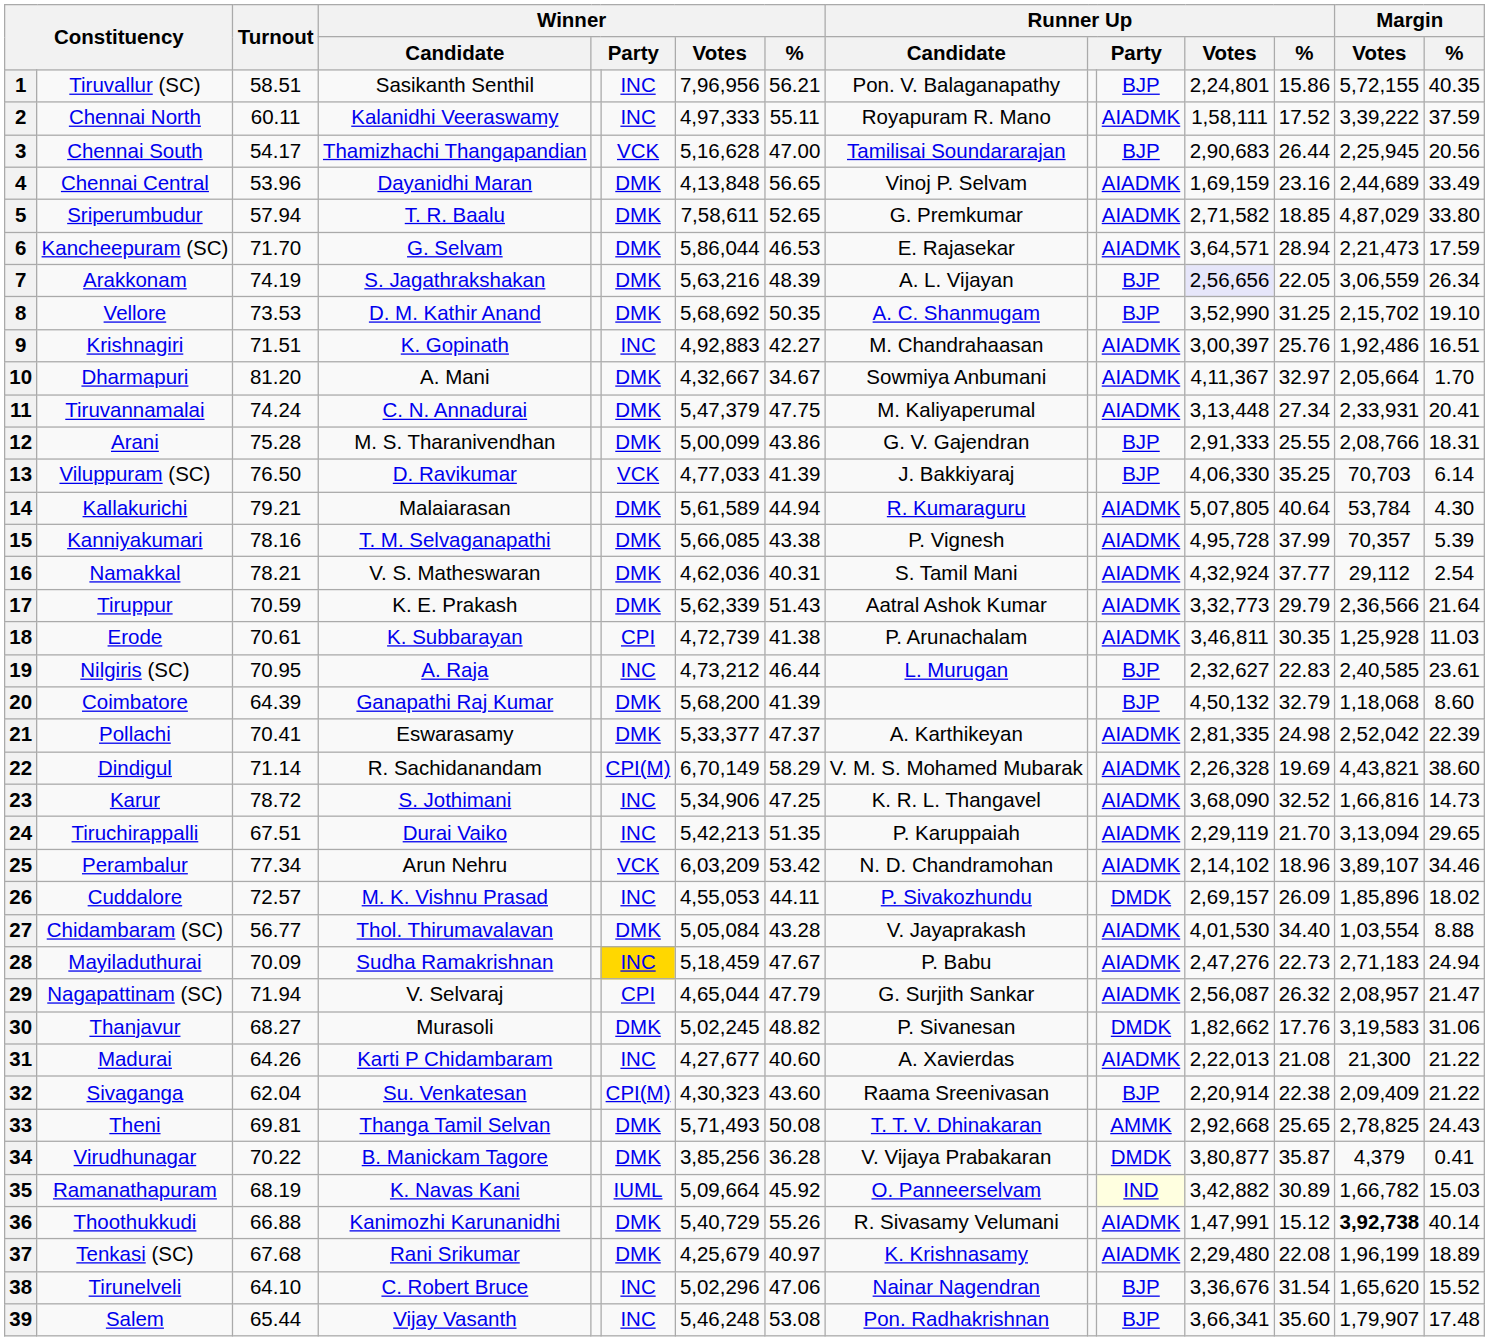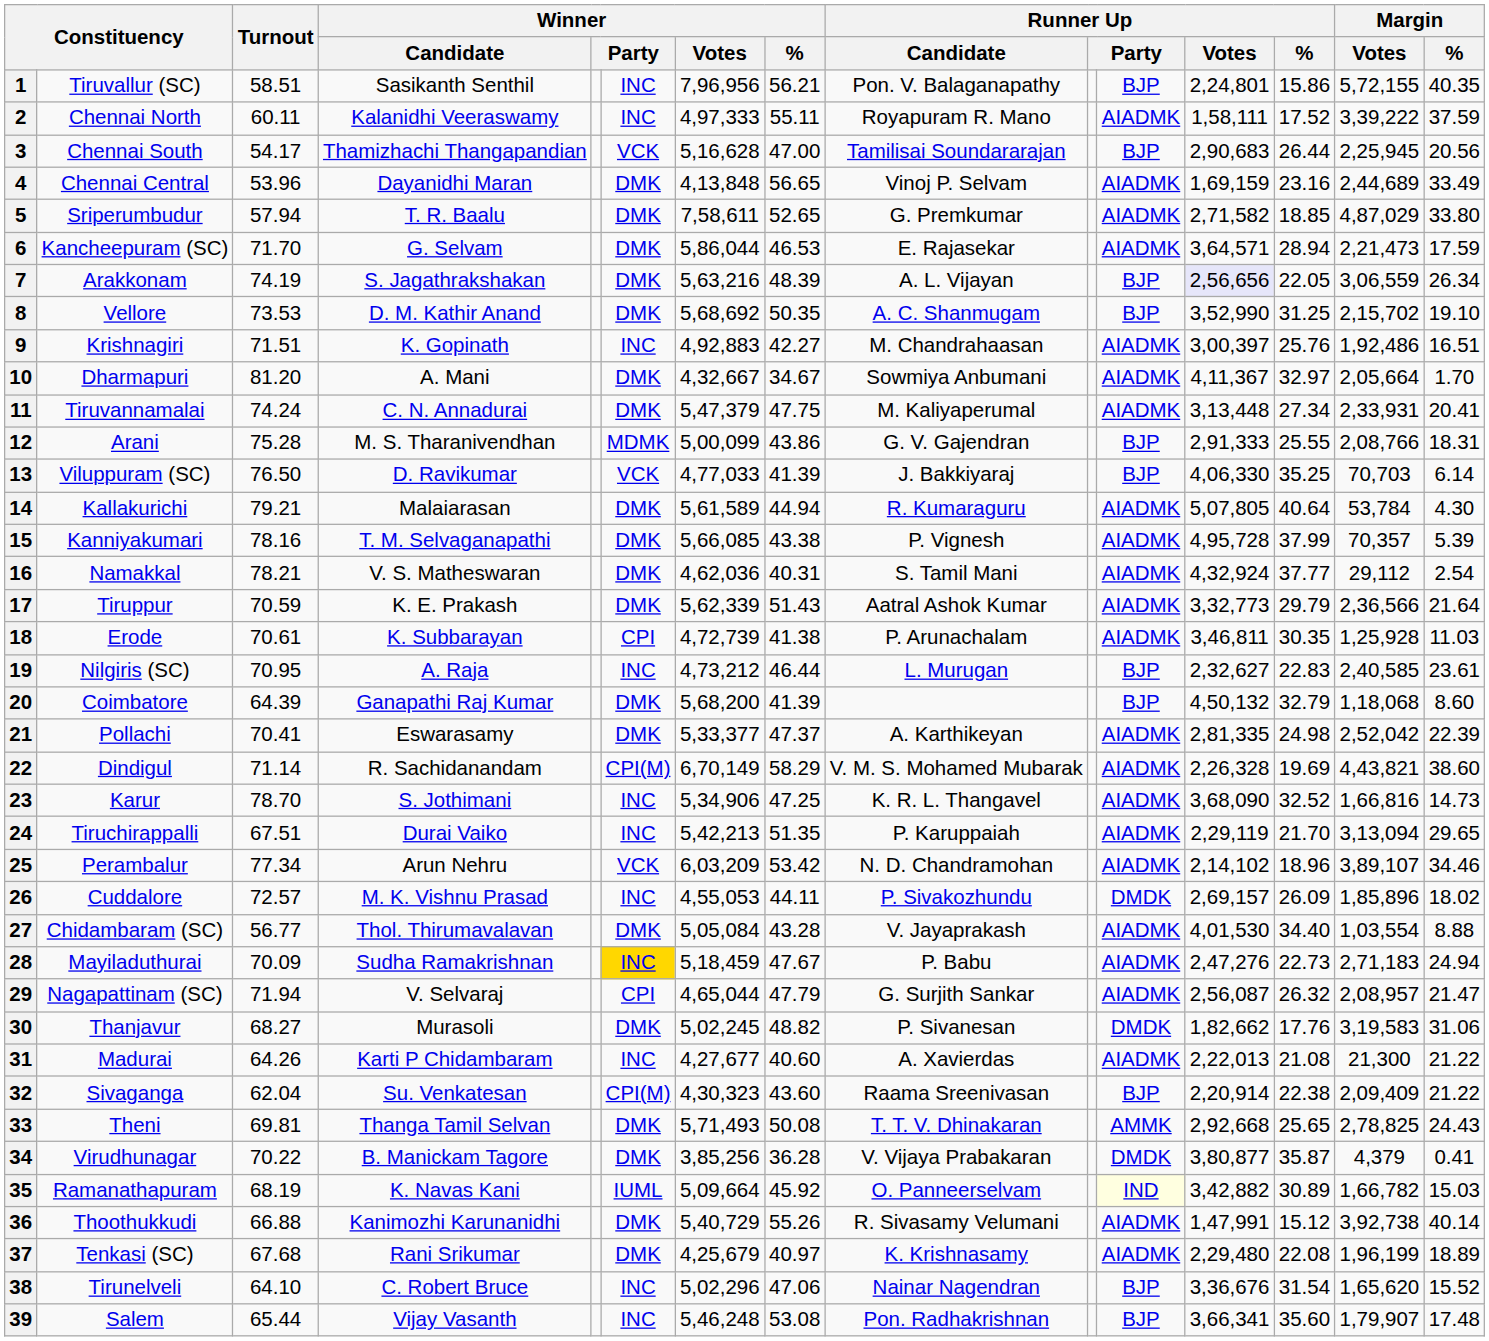 <table class="wikitable sortable" style="text-align:center;">
 <tr>
 <th colspan="2" rowspan="2">Constituency</th>
 <th rowspan="2">Turnout</th>
 <th colspan="5">Winner</th>
 <th colspan="5">Runner Up</th>
 <th colspan="2">Margin</th>
 </tr>
 <tr>
 <th>Candidate</th>
 <th colspan="2">Party</th>
 <th data-sort-type=number>Votes</th>
 <th data-sort-type=number>%</th>
 <th>Candidate</th>
 <th colspan="2">Party</th>
 <th data-sort-type=number>Votes</th>
 <th data-sort-type=number>%</th>
 <th data-sort-type=number>Votes</th>
 <th data-sort-type=number>%</th>
 </tr>
 <tr>
 <th>1</th>
 <td><a href='#'>Tiruvallur</a> (SC)</td>
 <td>58.51</td>
 <td>Sasikanth Senthil</td>
 <td></td>
 <td scope="row" style="text-align: centre;"><a href='#'>INC</a></td>
 <td>7,96,956</td>
 <td>56.21</td>
 <td>Pon. V. Balaganapathy</td>
 <td></td>
 <td><a href='#'>BJP</a></td>
 <td>2,24,801</td>
 <td>15.86</td>
 <td style="background:">5,72,155</td>
 <td style="background:">40.35</td>
 </tr>
 <tr>
 <th>2</th>
 <td><a href='#'>Chennai North</a></td>
 <td>60.11</td>
 <td><a href='#'>Kalanidhi Veeraswamy</a></td>
 <td></td>
 <td><a href='#'>INC</a></td>
 <td>4,97,333</td>
 <td>55.11</td>
 <td>Royapuram R. Mano</td>
 <td></td>
 <td><a href='#'>AIADMK</a></td>
 <td>1,58,111</td>
 <td>17.52</td>
 <td style="background:">3,39,222</td>
 <td style="background:">37.59</td>
 </tr>
 <tr>
 <th>3</th>
 <td><a href='#'>Chennai South</a></td>
 <td>54.17</td>
 <td><a href='#'>Thamizhachi Thangapandian</a></td>
 <td></td>
 <td><a href='#'>VCK</a></td>
 <td>5,16,628</td>
 <td>47.00</td>
 <td><a href='#'>Tamilisai Soundararajan</a></td>
 <td></td>
 <td><a href='#'>BJP</a></td>
 <td>2,90,683</td>
 <td>26.44</td>
 <td style="background:">2,25,945</td>
 <td style="background:">20.56</td>
 </tr>
 <tr>
 <th>4</th>
 <td><a href='#'>Chennai Central</a></td>
 <td>53.96</td>
 <td><a href='#'>Dayanidhi Maran</a></td>
 <td></td>
 <td scope="row" style="text-align: centre;"><a href='#'>DMK</a></td>
 <td>4,13,848</td>
 <td>56.65</td>
 <td>Vinoj P. Selvam</td>
 <td></td>
 <td><a href='#'>AIADMK</a></td>
 <td>1,69,159</td>
 <td>23.16</td>
 <td style="background:">2,44,689</td>
 <td style="background:">33.49</td>
 </tr>
 <tr>
 <th>5</th>
 <td><a href='#'>Sriperumbudur</a></td>
 <td>57.94</td>
 <td><a href='#'>T. R. Baalu</a></td>
 <td></td>
 <td scope="row" style="text-align: centre;"><a href='#'>DMK</a></td>
 <td>7,58,611</td>
 <td>52.65</td>
 <td>G. Premkumar</td>
 <td></td>
 <td><a href='#'>AIADMK</a></td>
 <td>2,71,582</td>
 <td>18.85</td>
 <td style="background:">4,87,029</td>
 <td style="background:">33.80</td>
 </tr>
 <tr>
 <th>6</th>
 <td><a href='#'>Kancheepuram</a> (SC)</td>
 <td>71.70</td>
 <td><a href='#'>G. Selvam</a></td>
 <td></td>
 <td scope="row" style="text-align: centre;"><a href='#'>DMK</a></td>
 <td>5,86,044</td>
 <td>46.53</td>
 <td>E. Rajasekar</td>
 <td></td>
 <td><a href='#'>AIADMK</a></td>
 <td>3,64,571</td>
 <td>28.94</td>
 <td style="background:">2,21,473</td>
 <td style="background:">17.59</td>
 </tr>
 <tr>
 <th>7</th>
 <td><a href='#'>Arakkonam</a></td>
 <td>74.19</td>
 <td><a href='#'>S. Jagathrakshakan</a></td>
 <td></td>
 <td scope="row" style="text-align: centre;"><a href='#'>DMK</a></td>
 <td>5,63,216</td>
 <td>48.39</td>
 <td>A. L. Vijayan</td>
 <td></td>
 <td><a href='#'>BJP</a></td>
 <td style="background: lavender;">2,56,656</td>
 <td>22.05</td>
 <td style="background:">3,06,559</td>
 <td style="background:">26.34</td>
 </tr>
 <tr>
 <th>8</th>
 <td><a href='#'>Vellore</a></td>
 <td>73.53</td>
 <td><a href='#'>D. M. Kathir Anand</a></td>
 <td></td>
 <td scope="row" style="text-align: centre;"><a href='#'>DMK</a></td>
 <td>5,68,692</td>
 <td>50.35</td>
 <td><a href='#'>A. C. Shanmugam</a></td>
 <td></td>
 <td><a href='#'>BJP</a></td>
 <td>3,52,990</td>
 <td>31.25</td>
 <td style="background:">2,15,702</td>
 <td style="background:">19.10</td>
 </tr>
 <tr>
 <th>9</th>
 <td><a href='#'>Krishnagiri</a></td>
 <td>71.51</td>
 <td><a href='#'>K. Gopinath</a></td>
 <td></td>
 <td scope="row" style="text-align: centre;"><a href='#'>INC</a></td>
 <td>4,92,883</td>
 <td>42.27</td>
 <td>M. Chandrahaasan</td>
 <td></td>
 <td><a href='#'>AIADMK</a></td>
 <td>3,00,397</td>
 <td>25.76</td>
 <td style="background:">1,92,486</td>
 <td style="background:">16.51</td>
 </tr>
 <tr>
 <th>10</th>
 <td><a href='#'>Dharmapuri</a></td>
 <td>81.20</td>
 <td>A. Mani</td>
 <td></td>
 <td scope="row" style="text-align: centre;"><a href='#'>DMK</a></td>
 <td>4,32,667</td>
 <td>34.67</td>
 <td>Sowmiya Anbumani</td>
 <td></td>
 <td><a href='#'>AIADMK</a></td>
 <td>4,11,367</td>
 <td>32.97</td>
 <td style="background:">2,05,664</td>
 <td style="background:">1.70</td>
 </tr>
 <tr>
 <th>11</th>
 <td><a href='#'>Tiruvannamalai</a></td>
 <td>74.24</td>
 <td><a href='#'>C. N. Annadurai</a></td>
 <td></td>
 <td scope="row" style="text-align: centre;"><a href='#'>DMK</a></td>
 <td>5,47,379</td>
 <td>47.75</td>
 <td>M. Kaliyaperumal</td>
 <td></td>
 <td><a href='#'>AIADMK</a></td>
 <td>3,13,448</td>
 <td>27.34</td>
 <td style="background:">2,33,931</td>
 <td style="background:">20.41</td>
 </tr>
 <tr>
 <th>12</th>
 <td><a href='#'>Arani</a></td>
 <td>75.28</td>
 <td>M. S. Tharanivendhan</td>
 <td></td>
-<td scope="row" style="text-align: centre;"><a href='#'>DMK</a></td>
+<td><a href='#'>MDMK</a></td>
 <td>5,00,099</td>
 <td>43.86</td>
 <td>G. V. Gajendran</td>
 <td></td>
 <td><a href='#'>BJP</a></td>
 <td>2,91,333</td>
 <td>25.55</td>
 <td style="background:">2,08,766</td>
 <td style="background:">18.31</td>
 </tr>
 <tr>
 <th>13</th>
 <td><a href='#'>Viluppuram</a> (SC)</td>
 <td>76.50</td>
 <td><a href='#'>D. Ravikumar</a></td>
 <td></td>
 <td><a href='#'>VCK</a></td>
 <td>4,77,033</td>
 <td>41.39</td>
 <td>J. Bakkiyaraj</td>
 <td></td>
 <td><a href='#'>BJP</a></td>
 <td>4,06,330</td>
 <td>35.25</td>
 <td style="background:">70,703</td>
 <td style="background:">6.14</td>
 </tr>
 <tr>
 <th>14</th>
 <td><a href='#'>Kallakurichi</a></td>
 <td>79.21</td>
 <td>Malaiarasan</td>
 <td></td>
 <td><a href='#'>DMK</a></td>
 <td>5,61,589</td>
 <td>44.94</td>
 <td><a href='#'>R. Kumaraguru</a></td>
 <td></td>
 <td><a href='#'>AIADMK</a></td>
 <td>5,07,805</td>
 <td>40.64</td>
 <td style="background:">53,784</td>
 <td style="background:">4.30</td>
 </tr>
 <tr>
 <th>15</th>
 <td><a href='#'>Kanniyakumari</a></td>
 <td>78.16</td>
 <td><a href='#'>T. M. Selvaganapathi</a></td>
 <td></td>
 <td><a href='#'>DMK</a></td>
 <td>5,66,085</td>
 <td>43.38</td>
 <td>P. Vignesh</td>
 <td></td>
 <td><a href='#'>AIADMK</a></td>
 <td>4,95,728</td>
 <td>37.99</td>
 <td style="background:">70,357</td>
 <td style="background:">5.39</td>
 </tr>
 <tr>
 <th>16</th>
 <td><a href='#'>Namakkal</a></td>
 <td>78.21</td>
 <td>V. S. Matheswaran</td>
 <td></td>
 <td><a href='#'>DMK</a></td>
 <td>4,62,036</td>
 <td>40.31</td>
 <td>S. Tamil Mani</td>
 <td></td>
 <td><a href='#'>AIADMK</a></td>
 <td>4,32,924</td>
 <td>37.77</td>
 <td style="background:">29,112</td>
 <td style="background:">2.54</td>
 </tr>
 <tr>
 <th>17</th>
 <td><a href='#'>Tiruppur</a></td>
 <td>70.59</td>
 <td>K. E. Prakash</td>
 <td></td>
 <td><a href='#'>DMK</a></td>
 <td>5,62,339</td>
 <td>51.43</td>
 <td>Aatral Ashok Kumar</td>
 <td></td>
 <td><a href='#'>AIADMK</a></td>
 <td>3,32,773</td>
 <td>29.79</td>
 <td style="background:">2,36,566</td>
 <td style="background:">21.64</td>
 </tr>
 <tr>
 <th>18</th>
 <td><a href='#'>Erode</a></td>
 <td>70.61</td>
 <td><a href='#'>K. Subbarayan</a></td>
 <td></td>
 <td><a href='#'>CPI</a></td>
 <td>4,72,739</td>
 <td>41.38</td>
 <td>P. Arunachalam</td>
 <td></td>
 <td><a href='#'>AIADMK</a></td>
 <td>3,46,811</td>
 <td>30.35</td>
 <td style="background:">1,25,928</td>
 <td style="background:">11.03</td>
 </tr>
 <tr>
 <th>19</th>
 <td><a href='#'>Nilgiris</a> (SC)</td>
 <td>70.95</td>
 <td><a href='#'>A. Raja</a></td>
 <td></td>
 <td><a href='#'>INC</a></td>
 <td>4,73,212</td>
 <td>46.44</td>
 <td><a href='#'>L. Murugan</a></td>
 <td></td>
 <td><a href='#'>BJP</a></td>
 <td>2,32,627</td>
 <td>22.83</td>
 <td style="background:">2,40,585</td>
 <td style="background:">23.61</td>
 </tr>
 <tr>
 <th>20</th>
 <td><a href='#'>Coimbatore</a></td>
 <td>64.39</td>
 <td><a href='#'>Ganapathi Raj Kumar</a></td>
 <td></td>
 <td><a href='#'>DMK</a></td>
 <td>5,68,200</td>
 <td>41.39</td>
 <td></td>
 <td></td>
 <td><a href='#'>BJP</a></td>
 <td>4,50,132</td>
 <td>32.79</td>
 <td style="background:">1,18,068</td>
 <td style="background:">8.60</td>
 </tr>
 <tr>
 <th>21</th>
 <td><a href='#'>Pollachi</a></td>
 <td>70.41</td>
 <td>Eswarasamy</td>
 <td></td>
 <td><a href='#'>DMK</a></td>
 <td>5,33,377</td>
 <td>47.37</td>
 <td>A. Karthikeyan</td>
 <td></td>
 <td><a href='#'>AIADMK</a></td>
 <td>2,81,335</td>
 <td>24.98</td>
 <td style="background:">2,52,042</td>
 <td style="background:">22.39</td>
 </tr>
 <tr>
 <th>22</th>
 <td><a href='#'>Dindigul</a></td>
 <td>71.14</td>
 <td>R. Sachidanandam</td>
 <td></td>
 <td><a href='#'>CPI(M)</a></td>
 <td>6,70,149</td>
 <td>58.29</td>
 <td>V. M. S. Mohamed Mubarak</td>
 <td></td>
 <td><a href='#'>AIADMK</a></td>
 <td>2,26,328</td>
 <td>19.69</td>
 <td style="background:">4,43,821</td>
 <td style="background:">38.60</td>
 </tr>
 <tr>
 <th>23</th>
 <td><a href='#'>Karur</a></td>
-<td>78.72</td>
+<td>78.70</td>
 <td><a href='#'>S. Jothimani</a></td>
 <td></td>
 <td><a href='#'>INC</a></td>
 <td>5,34,906</td>
 <td>47.25</td>
 <td>K. R. L. Thangavel</td>
 <td></td>
 <td><a href='#'>AIADMK</a></td>
 <td>3,68,090</td>
 <td>32.52</td>
 <td style="background:">1,66,816</td>
 <td style="background:">14.73</td>
 </tr>
 <tr>
 <th>24</th>
 <td><a href='#'>Tiruchirappalli</a></td>
 <td>67.51</td>
 <td><a href='#'>Durai Vaiko</a></td>
 <td></td>
 <td><a href='#'>INC</a></td>
 <td>5,42,213</td>
 <td>51.35</td>
 <td>P. Karuppaiah</td>
 <td></td>
 <td><a href='#'>AIADMK</a></td>
 <td>2,29,119</td>
 <td>21.70</td>
 <td style="background:">3,13,094</td>
 <td style="background:">29.65</td>
 </tr>
 <tr>
 <th>25</th>
 <td><a href='#'>Perambalur</a></td>
 <td>77.34</td>
 <td>Arun Nehru</td>
 <td></td>
 <td><a href='#'>VCK</a></td>
 <td>6,03,209</td>
 <td>53.42</td>
 <td>N. D. Chandramohan</td>
 <td></td>
 <td><a href='#'>AIADMK</a></td>
 <td>2,14,102</td>
 <td>18.96</td>
 <td style="background:">3,89,107</td>
 <td style="background:">34.46</td>
 </tr>
 <tr>
 <th>26</th>
 <td><a href='#'>Cuddalore</a></td>
 <td>72.57</td>
 <td><a href='#'>M. K. Vishnu Prasad</a></td>
 <td></td>
 <td><a href='#'>INC</a></td>
 <td>4,55,053</td>
 <td>44.11</td>
 <td><a href='#'>P. Sivakozhundu</a></td>
 <td></td>
 <td><a href='#'>DMDK</a></td>
 <td>2,69,157</td>
 <td>26.09</td>
 <td style="background:">1,85,896</td>
 <td style="background:">18.02</td>
 </tr>
 <tr>
 <th>27</th>
 <td><a href='#'>Chidambaram</a> (SC)</td>
 <td>56.77</td>
 <td><a href='#'>Thol. Thirumavalavan</a></td>
 <td></td>
 <td scope="row" style="text-align: centre;"><a href='#'>DMK</a></td>
 <td>5,05,084</td>
 <td>43.28</td>
 <td>V. Jayaprakash</td>
 <td></td>
 <td><a href='#'>AIADMK</a></td>
 <td>4,01,530</td>
 <td>34.40</td>
 <td style="background:">1,03,554</td>
 <td style="background:">8.88</td>
 </tr>
 <tr>
 <th>28</th>
 <td><a href='#'>Mayiladuthurai</a></td>
 <td>70.09</td>
 <td><a href='#'>Sudha Ramakrishnan</a></td>
 <td></td>
 <td style="background: gold;"><a href='#'>INC</a></td>
 <td>5,18,459</td>
 <td>47.67</td>
 <td>P. Babu</td>
 <td></td>
 <td><a href='#'>AIADMK</a></td>
 <td>2,47,276</td>
 <td>22.73</td>
 <td style="background:">2,71,183</td>
 <td style="background:">24.94</td>
 </tr>
 <tr>
 <th>29</th>
 <td><a href='#'>Nagapattinam</a> (SC)</td>
 <td>71.94</td>
 <td>V. Selvaraj</td>
 <td></td>
 <td><a href='#'>CPI</a></td>
 <td>4,65,044</td>
 <td>47.79</td>
 <td>G. Surjith Sankar</td>
 <td></td>
 <td><a href='#'>AIADMK</a></td>
 <td>2,56,087</td>
 <td>26.32</td>
 <td style="background:">2,08,957</td>
 <td style="background:">21.47</td>
 </tr>
 <tr>
 <th>30</th>
 <td><a href='#'>Thanjavur</a></td>
 <td>68.27</td>
 <td>Murasoli</td>
 <td></td>
 <td><a href='#'>DMK</a></td>
 <td>5,02,245</td>
 <td>48.82</td>
 <td>P. Sivanesan</td>
 <td></td>
 <td><a href='#'>DMDK</a></td>
 <td>1,82,662</td>
 <td>17.76</td>
 <td style="background:">3,19,583</td>
 <td style="background:">31.06</td>
 </tr>
 <tr>
 <th>31</th>
 <td><a href='#'>Madurai</a></td>
 <td>64.26</td>
 <td><a href='#'>Karti P Chidambaram</a></td>
 <td></td>
 <td><a href='#'>INC</a></td>
 <td>4,27,677</td>
 <td>40.60</td>
 <td>A. Xavierdas</td>
 <td></td>
 <td><a href='#'>AIADMK</a></td>
 <td>2,22,013</td>
 <td>21.08</td>
 <td style="background:">21,300</td>
 <td style="background:">21.22</td>
 </tr>
 <tr>
 <th>32</th>
 <td><a href='#'>Sivaganga</a></td>
 <td>62.04</td>
 <td><a href='#'>Su. Venkatesan</a></td>
 <td></td>
 <td><a href='#'>CPI(M)</a></td>
 <td>4,30,323</td>
 <td>43.60</td>
 <td>Raama Sreenivasan</td>
 <td></td>
 <td><a href='#'>BJP</a></td>
 <td>2,20,914</td>
 <td>22.38</td>
 <td style="background:">2,09,409</td>
 <td style="background:">21.22</td>
 </tr>
 <tr>
 <th>33</th>
 <td><a href='#'>Theni</a></td>
 <td>69.81</td>
 <td><a href='#'>Thanga Tamil Selvan</a></td>
 <td></td>
 <td><a href='#'>DMK</a></td>
 <td>5,71,493</td>
 <td>50.08</td>
 <td><a href='#'>T. T. V. Dhinakaran</a></td>
 <td></td>
 <td><a href='#'>AMMK</a></td>
 <td>2,92,668</td>
 <td>25.65</td>
 <td style="background:">2,78,825</td>
 <td style="background:">24.43</td>
 </tr>
 <tr>
 <th>34</th>
 <td><a href='#'>Virudhunagar</a></td>
 <td>70.22</td>
 <td><a href='#'>B. Manickam Tagore</a></td>
 <td></td>
 <td scope="row" style="text-align: centre;"><a href='#'>DMK</a></td>
 <td>3,85,256</td>
 <td>36.28</td>
 <td>V. Vijaya Prabakaran</td>
 <td></td>
 <td><a href='#'>DMDK</a></td>
 <td>3,80,877</td>
 <td>35.87</td>
 <td style="background:">4,379</td>
 <td style="background:">0.41</td>
 </tr>
 <tr>
 <th>35</th>
 <td><a href='#'>Ramanathapuram</a></td>
 <td>68.19</td>
 <td><a href='#'>K. Navas Kani</a></td>
 <td></td>
 <td><a href='#'>IUML</a></td>
 <td>5,09,664</td>
 <td>45.92</td>
 <td><a href='#'>O. Panneerselvam</a></td>
 <td></td>
 <td style="background: lightyellow;"><a href='#'>IND</a></td>
 <td>3,42,882</td>
 <td>30.89</td>
 <td style="background:">1,66,782</td>
 <td style="background:">15.03</td>
 </tr>
 <tr>
 <th>36</th>
 <td><a href='#'>Thoothukkudi</a></td>
 <td>66.88</td>
 <td><a href='#'>Kanimozhi Karunanidhi</a></td>
 <td></td>
 <td><a href='#'>DMK</a></td>
 <td>5,40,729</td>
 <td>55.26</td>
 <td>R. Sivasamy Velumani</td>
 <td></td>
 <td><a href='#'>AIADMK</a></td>
 <td>1,47,991</td>
 <td>15.12</td>
-<td style="background:"><strong>3,92,738</strong></td>
+<td style="background:">3,92,738</td>
 <td style="background:">40.14</td>
 </tr>
 <tr>
 <th>37</th>
 <td><a href='#'>Tenkasi</a> (SC)</td>
 <td>67.68</td>
 <td><a href='#'>Rani Srikumar</a></td>
 <td></td>
 <td><a href='#'>DMK</a></td>
 <td>4,25,679</td>
 <td>40.97</td>
 <td><a href='#'>K. Krishnasamy</a></td>
 <td></td>
 <td><a href='#'>AIADMK</a></td>
 <td>2,29,480</td>
 <td>22.08</td>
 <td style="background:">1,96,199</td>
 <td style="background:">18.89</td>
 </tr>
 <tr>
 <th>38</th>
 <td><a href='#'>Tirunelveli</a></td>
 <td>64.10</td>
 <td><a href='#'>C. Robert Bruce</a></td>
 <td></td>
 <td><a href='#'>INC</a></td>
 <td>5,02,296</td>
 <td>47.06</td>
 <td><a href='#'>Nainar Nagendran</a></td>
 <td></td>
 <td><a href='#'>BJP</a></td>
 <td>3,36,676</td>
 <td>31.54</td>
 <td style="background:">1,65,620</td>
 <td style="background:">15.52</td>
 </tr>
 <tr>
 <th>39</th>
 <td><a href='#'>Salem</a></td>
 <td>65.44</td>
 <td><a href='#'>Vijay Vasanth</a></td>
 <td></td>
 <td><a href='#'>INC</a></td>
 <td>5,46,248</td>
 <td>53.08</td>
 <td><a href='#'>Pon. Radhakrishnan</a></td>
 <td></td>
 <td><a href='#'>BJP</a></td>
 <td>3,66,341</td>
 <td>35.60</td>
 <td style="background:">1,79,907</td>
 <td style="background:">17.48</td>
 </tr>
 </table>
